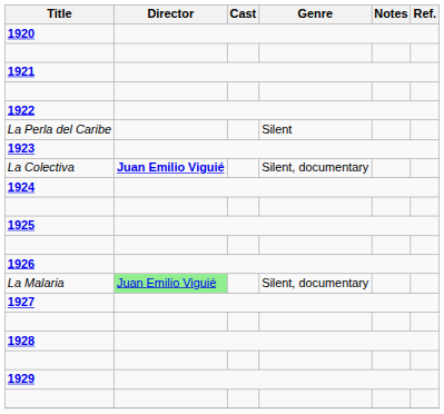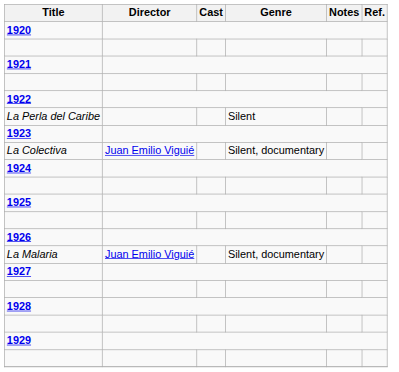 <table class="wikitable">
 <tr>
 <th>Title</th>
 <th>Director</th>
 <th>Cast</th>
 <th>Genre</th>
 <th>Notes</th>
 <th>Ref.</th>
 </tr>
 <tr>
 <td><strong> <a href='#'>1920</a> </strong></td>
 </tr>
 <tr>
 <td><em> </em></td>
 <td></td>
 <td></td>
 <td></td>
 <td></td>
 <td></td>
 </tr>
 <tr>
 <td><strong> <a href='#'>1921</a> </strong></td>
 </tr>
 <tr>
 <td><em> </em></td>
 <td></td>
 <td></td>
 <td></td>
 <td></td>
 <td></td>
 </tr>
 <tr>
 <td><strong> <a href='#'>1922</a> </strong></td>
 </tr>
 <tr>
 <td><em>La Perla del Caribe</em></td>
 <td></td>
 <td></td>
 <td>Silent</td>
 <td></td>
 <td></td>
 </tr>
 <tr>
 <td><strong> <a href='#'>1923</a> </strong></td>
 </tr>
 <tr>
 <td><em>La Colectiva</em></td>
-<td><strong><a href='#'>Juan Emilio Viguié</a></strong></td>
+<td><a href='#'>Juan Emilio Viguié</a></td>
 <td></td>
 <td>Silent, documentary</td>
 <td></td>
 <td></td>
 </tr>
 <tr>
 <td><strong> <a href='#'>1924</a> </strong></td>
 </tr>
 <tr>
 <td><em> </em></td>
 <td></td>
 <td></td>
 <td></td>
 <td></td>
 <td></td>
 </tr>
 <tr>
 <td><strong> <a href='#'>1925</a> </strong></td>
 </tr>
 <tr>
 <td><em> </em></td>
 <td></td>
 <td></td>
 <td></td>
 <td></td>
 <td></td>
 </tr>
 <tr>
 <td><strong> <a href='#'>1926</a> </strong></td>
 </tr>
 <tr>
 <td><em>La Malaria</em></td>
-<td style="background: lightgreen;"><a href='#'>Juan Emilio Viguié</a></td>
+<td><a href='#'>Juan Emilio Viguié</a></td>
 <td></td>
 <td>Silent, documentary</td>
 <td></td>
 <td></td>
 </tr>
 <tr>
 <td><strong> <a href='#'>1927</a> </strong></td>
 </tr>
 <tr>
 <td><em> </em></td>
 <td></td>
 <td></td>
 <td></td>
 <td></td>
 <td></td>
 </tr>
 <tr>
 <td><strong> <a href='#'>1928</a> </strong></td>
 </tr>
 <tr>
 <td><em> </em></td>
 <td></td>
 <td></td>
 <td></td>
 <td></td>
 <td></td>
 </tr>
 <tr>
 <td><strong> <a href='#'>1929</a> </strong></td>
 </tr>
 <tr>
 <td><em> </em></td>
 <td></td>
 <td></td>
 <td></td>
 <td></td>
 <td></td>
 </tr>
 <tr>
 </tr>
 </table>
